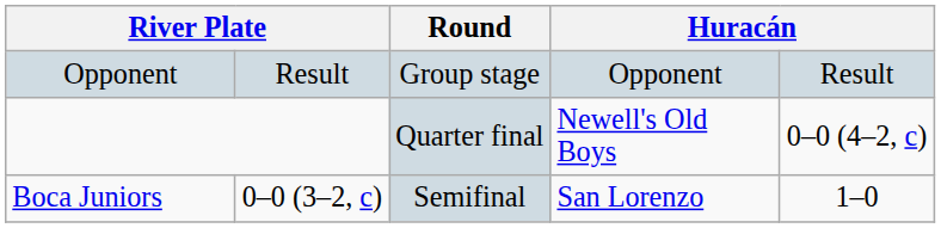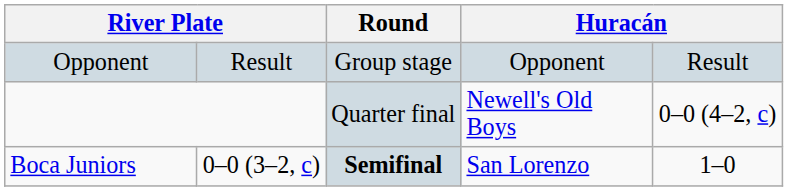 <table class="wikitable" style="text-align:center;">
 <tr>
 <th colspan=3 width=200px><a href='#'>River Plate</a></th>
 <th>Round</th>
 <th colspan=3 width=200px><a href='#'>Huracán</a></th>
 </tr>
 <tr bgcolor= #CFDBE2>
 <td width= 120x>Opponent</td>
 <td colspan=2>Result</td>
 <td>Group stage</td>
 <td width= 120px>Opponent</td>
 <td colspan=2>Result</td>
 </tr>
 <tr>
 <td colspan=3></td>
 <td bgcolor= #CFDBE2>Quarter final</td>
 <td align=left><a href='#'>Newell's Old Boys</a></td>
 <td colspan=2>0–0 (4–2, <a href='#'>c</a>)</td>
 </tr>
 <tr>
 <td align=left><a href='#'>Boca Juniors</a></td>
 <td colspan=2>0–0 (3–2, <a href='#'>c</a>)</td>
-<td bgcolor= #CFDBE2>Semifinal</td>
+<td bgcolor= #CFDBE2><strong>Semifinal</strong></td>
 <td align=left><a href='#'>San Lorenzo</a></td>
 <td colspan=2>1–0 </td>
 </tr>
 </table>
